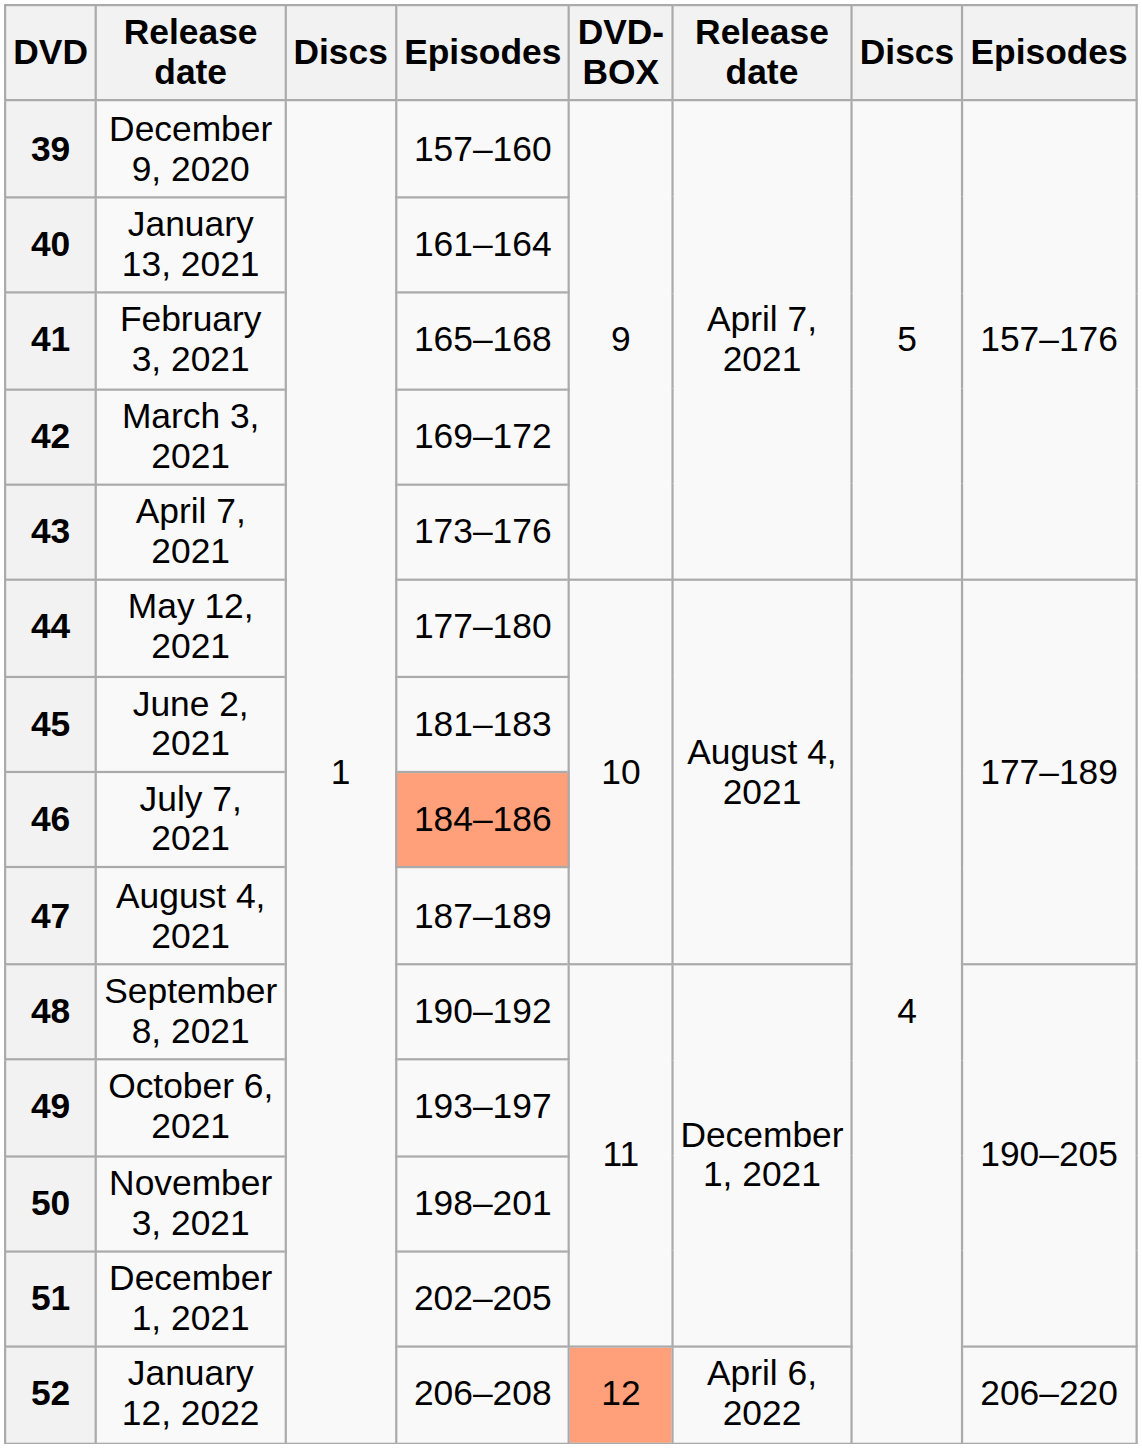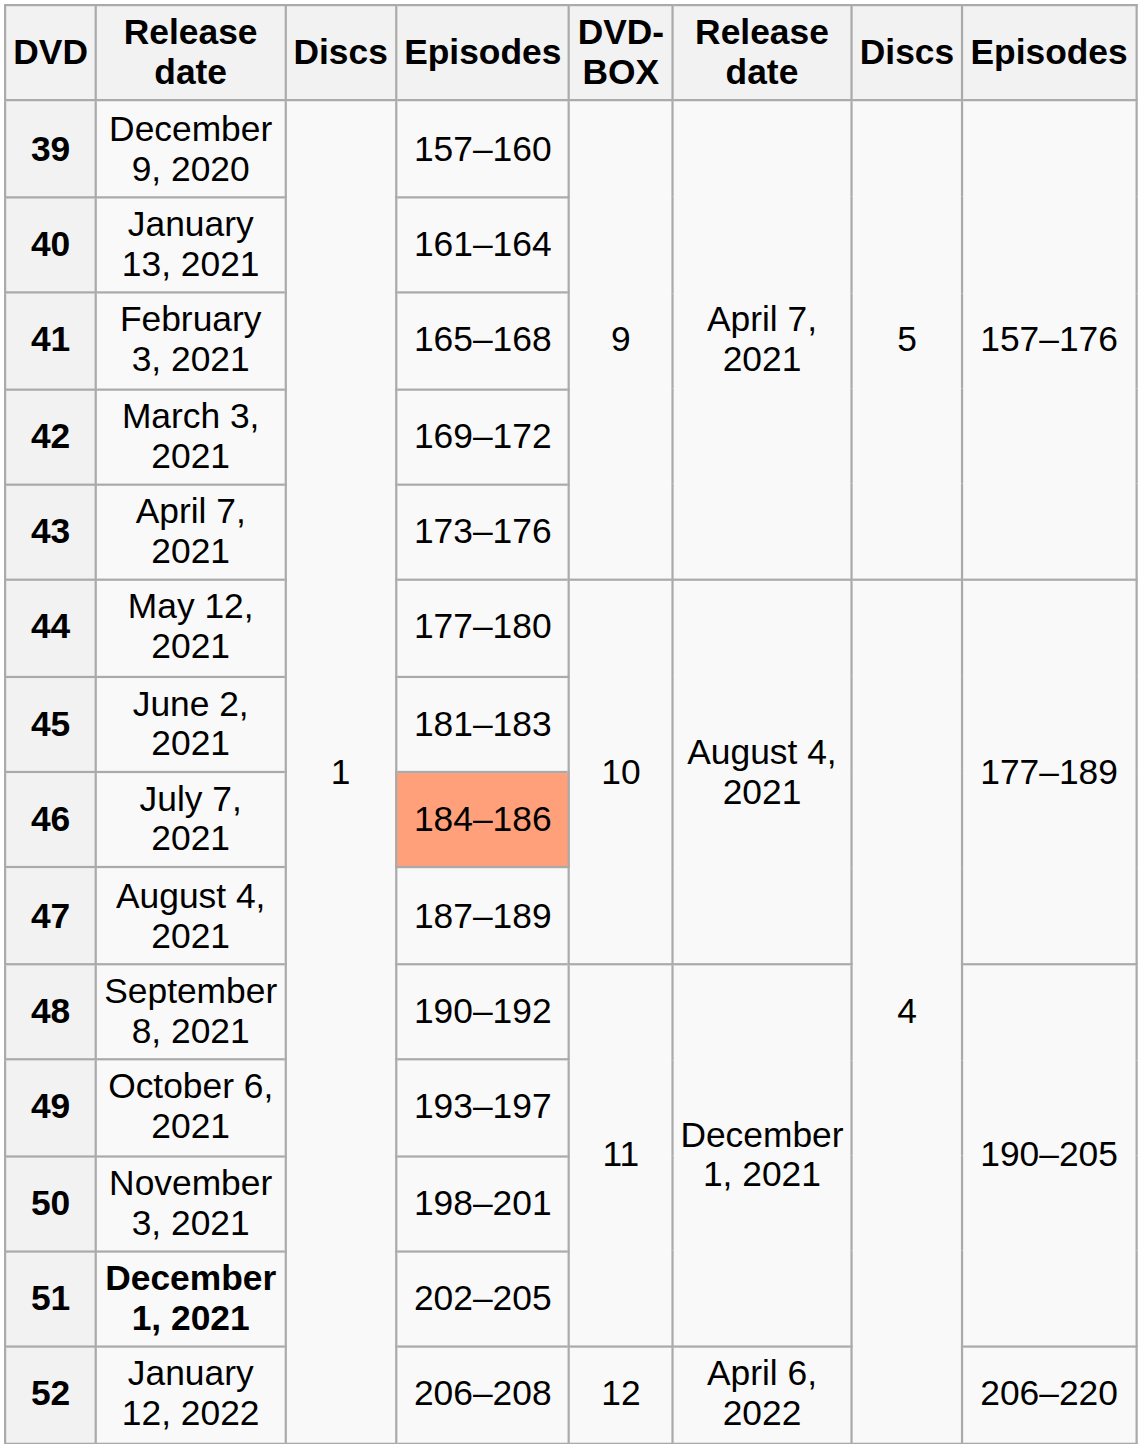 <table class="wikitable" style="text-align: center; width: 38%;">
 <tr>
 <th scope="col" 175px;>DVD</th>
 <th scope="col" 125px;>Release date</th>
 <th scope="col">Discs</th>
 <th scope="col">Episodes</th>
 <th scope="col">DVD-BOX</th>
 <th scope="col">Release date</th>
 <th scope="col">Discs</th>
 <th scope="col">Episodes</th>
 </tr>
 <tr>
 <th scope="row">39</th>
 <td>December 9, 2020</td>
 <td rowspan="15">1</td>
 <td>157–160</td>
 <td rowspan="5">9</td>
 <td rowspan="5">April 7, 2021</td>
 <td rowspan="5">5</td>
 <td rowspan="5">157–176</td>
 </tr>
 <tr>
 <th scope="row">40</th>
 <td>January 13, 2021</td>
 <td>161–164</td>
 </tr>
 <tr>
 <th scope="row">41</th>
 <td>February 3, 2021</td>
 <td>165–168</td>
 </tr>
 <tr>
 <th scope="row">42</th>
 <td>March 3, 2021</td>
 <td>169–172</td>
 </tr>
 <tr>
 <th scope="row">43</th>
 <td>April 7, 2021</td>
 <td>173–176</td>
 </tr>
 <tr>
 <th scope="row">44</th>
 <td>May 12, 2021</td>
 <td>177–180</td>
 <td rowspan="4">10</td>
 <td rowspan="4">August 4, 2021</td>
 <td rowspan="10">4</td>
 <td rowspan="4">177–189</td>
 </tr>
 <tr>
 <th scope="row">45</th>
 <td>June 2, 2021</td>
 <td>181–183</td>
 </tr>
 <tr>
 <th scope="row">46</th>
 <td>July 7, 2021</td>
 <td style="background: lightsalmon;">184–186</td>
 </tr>
 <tr>
 <th scope="row">47</th>
 <td>August 4, 2021</td>
 <td>187–189</td>
 </tr>
 <tr>
 <th scope="row">48</th>
 <td>September 8, 2021</td>
 <td>190–192</td>
 <td rowspan="4">11</td>
 <td rowspan="4">December 1, 2021</td>
 <td rowspan="4">190–205</td>
 </tr>
 <tr>
 <th scope="row">49</th>
 <td>October 6, 2021</td>
 <td>193–197</td>
 </tr>
 <tr>
 <th scope="row">50</th>
 <td>November 3, 2021</td>
 <td>198–201</td>
 </tr>
 <tr>
 <th scope="row">51</th>
-<td>December 1, 2021</td>
+<td><strong>December 1, 2021</strong></td>
 <td>202–205</td>
 </tr>
 <tr>
 <th scope="row">52</th>
 <td>January 12, 2022</td>
 <td>206–208</td>
-<td rowspan="1" style="background: lightsalmon;">12</td>
+<td rowspan="1">12</td>
 <td rowspan="1">April 6, 2022</td>
 <td rowspan="1">206–220</td>
 </tr>
 </table>
